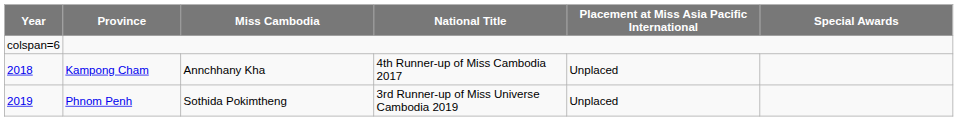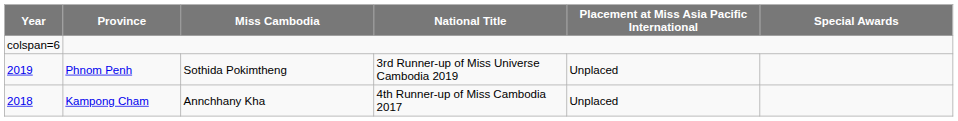 <table class="wikitable " style="font-size: 95%;">
 <tr>
 <th width="60" style="background-color:#787878;color:#FFFFFF;">Year</th>
 <th width="150" style="background-color:#787878;color:#FFFFFF;">Province</th>
 <th width="250" style="background-color:#787878;color:#FFFFFF;">Miss Cambodia</th>
 <th width="250" style="background-color:#787878;color:#FFFFFF;">National Title</th>
 <th width="250" style="background-color:#787878;color:#FFFFFF;">Placement at Miss Asia Pacific International</th>
 <th width="250" style="background-color:#787878;color:#FFFFFF;">Special Awards</th>
 </tr>
 <tr>
 <td>colspan=6 </td>
 </tr>
 <tr>
+<td><a href='#'>2019</a></td>
+<td><a href='#'>Phnom Penh</a></td>
+<td>Sothida Pokimtheng</td>
+<td>3rd Runner-up of Miss Universe Cambodia 2019</td>
+<td>Unplaced</td>
+<td></td>
+</tr>
+<tr>
 <td><a href='#'>2018</a></td>
 <td><a href='#'>Kampong Cham</a></td>
 <td>Annchhany Kha</td>
 <td>4th Runner-up of Miss Cambodia 2017</td>
 <td>Unplaced</td>
 <td></td>
 </tr>
-<tr>
-<td><a href='#'>2019</a></td>
-<td><a href='#'>Phnom Penh</a></td>
-<td>Sothida Pokimtheng</td>
-<td>3rd Runner-up of Miss Universe Cambodia 2019</td>
-<td>Unplaced</td>
-<td></td>
-</tr>
 </table>
